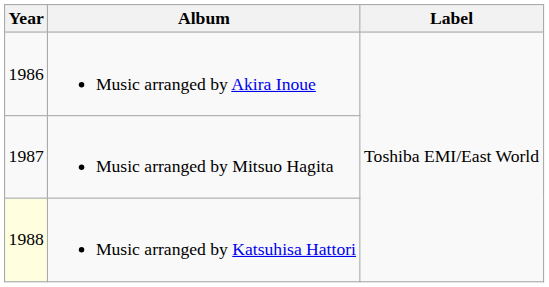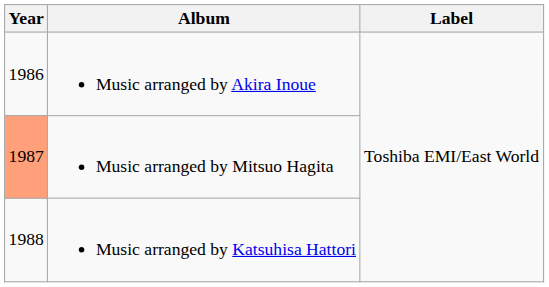 <table class="wikitable">
 <tr>
 <th>Year</th>
 <th>Album</th>
 <th>Label</th>
 </tr>
 <tr>
 <td>1986</td>
 <td><br><ul><li>Music arranged by <a href='#'>Akira Inoue</a></li></ul></td>
 <td rowspan="3" align="center">Toshiba EMI/East World</td>
 </tr>
 <tr>
-<td>1987</td>
+<td style="background: lightsalmon;">1987</td>
 <td><br><ul><li>Music arranged by Mitsuo Hagita</li></ul></td>
 </tr>
 <tr>
-<td style="background: lightyellow;">1988</td>
+<td>1988</td>
 <td><br><ul><li>Music arranged by <a href='#'>Katsuhisa Hattori</a></li></ul></td>
 </tr>
 </table>
